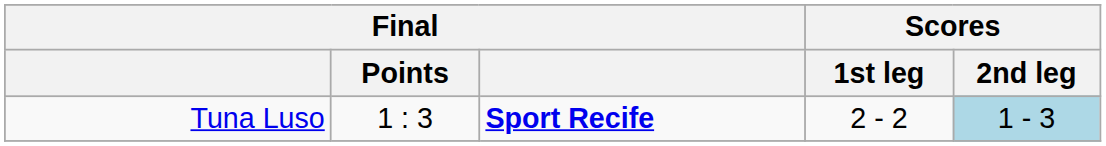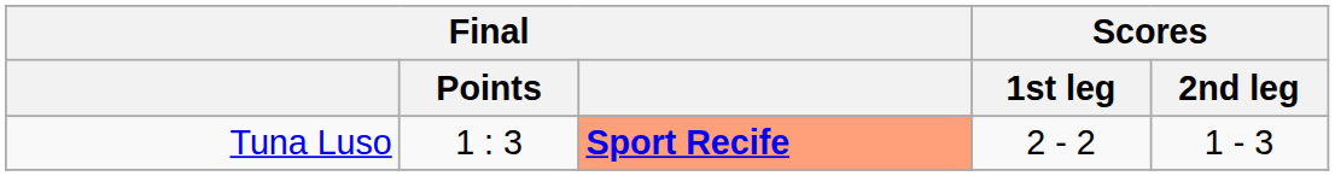 <table class="wikitable" style="text-align:center;">
 <tr>
 <th colspan=3>Final</th>
 <th colspan=3>Scores</th>
 </tr>
 <tr>
 <th width="175"></th>
 <th width="75">Points</th>
 <th width="175"></th>
 <th width="75">1st leg</th>
 <th width="75">2nd leg</th>
 </tr>
 <tr>
 <td align=right><a href='#'>Tuna Luso</a></td>
 <td>1 : 3</td>
-<td align=left><strong><a href='#'>Sport Recife</a></strong></td>
+<td align=left style="background: lightsalmon;"><strong><a href='#'>Sport Recife</a></strong></td>
 <td>2 - 2</td>
-<td style="background: lightblue;">1 - 3</td>
+<td>1 - 3</td>
 </tr>
 </table>
